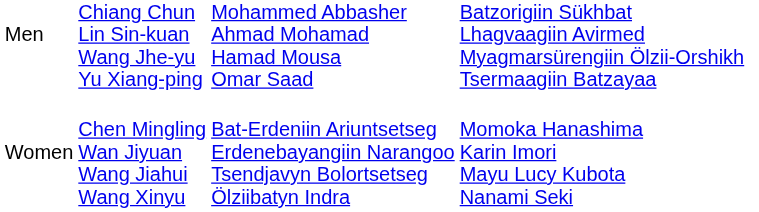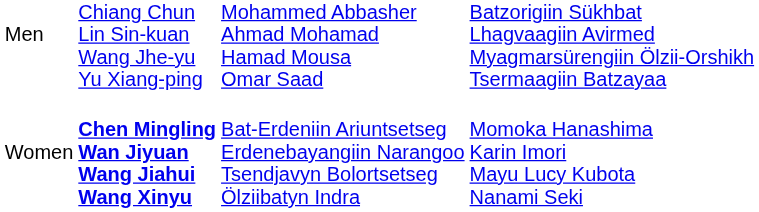 <table>
 <tr>
 <td>Men<br></td>
 <td><br><a href='#'>Chiang Chun</a><br><a href='#'>Lin Sin-kuan</a><br><a href='#'>Wang Jhe-yu</a><br><a href='#'>Yu Xiang-ping</a></td>
 <td><br><a href='#'>Mohammed Abbasher</a><br><a href='#'>Ahmad Mohamad</a><br><a href='#'>Hamad Mousa</a><br><a href='#'>Omar Saad</a></td>
 <td><br><a href='#'>Batzorigiin Sükhbat</a><br><a href='#'>Lhagvaagiin Avirmed</a><br><a href='#'>Myagmarsürengiin Ölzii-Orshikh</a><br><a href='#'>Tsermaagiin Batzayaa</a></td>
 </tr>
 <tr>
 <td>Women<br></td>
-<td><br><a href='#'>Chen Mingling</a><br><a href='#'>Wan Jiyuan</a><br><a href='#'>Wang Jiahui</a><br><a href='#'>Wang Xinyu</a></td>
+<td><strong><br><a href='#'>Chen Mingling</a><br><a href='#'>Wan Jiyuan</a><br><a href='#'>Wang Jiahui</a><br><a href='#'>Wang Xinyu</a></strong></td>
 <td><br><a href='#'>Bat-Erdeniin Ariuntsetseg</a><br><a href='#'>Erdenebayangiin Narangoo</a><br><a href='#'>Tsendjavyn Bolortsetseg</a><br><a href='#'>Ölziibatyn Indra</a></td>
 <td><br><a href='#'>Momoka Hanashima</a><br><a href='#'>Karin Imori</a><br><a href='#'>Mayu Lucy Kubota</a><br><a href='#'>Nanami Seki</a></td>
 </tr>
 </table>
